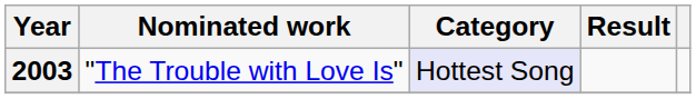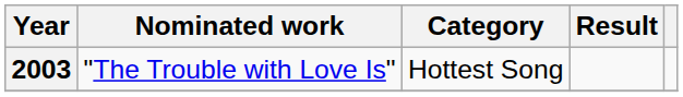 <table class="wikitable plainrowheaders">
 <tr>
 <th>Year</th>
 <th>Nominated work</th>
 <th>Category</th>
 <th>Result</th>
 <th></th>
 </tr>
 <tr>
 <th scope="row">2003</th>
 <td>"<a href='#'>The Trouble with Love Is</a>"</td>
-<td style="background: lavender;">Hottest Song</td>
+<td>Hottest Song</td>
 <td></td>
 <td align="center"></td>
 </tr>
 <tr>
 </tr>
 </table>
